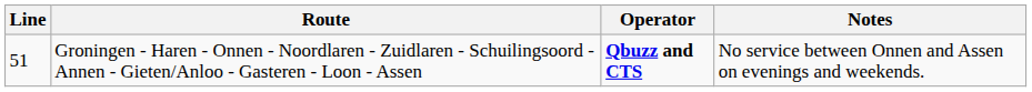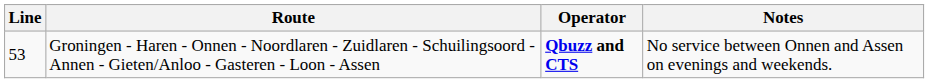 <table class="wikitable">
 <tr>
 <th>Line</th>
 <th>Route</th>
 <th>Operator</th>
 <th>Notes</th>
 </tr>
 <tr>
-<td>51</td>
+<td>53</td>
 <td>Groningen - Haren - Onnen - Noordlaren - Zuidlaren - Schuilingsoord - Annen - Gieten/Anloo - Gasteren - Loon - Assen</td>
 <td><strong><a href='#'>Qbuzz</a> and <a href='#'>CTS</a></strong></td>
 <td>No service between Onnen and Assen on evenings and weekends.</td>
 </tr>
 </table>
